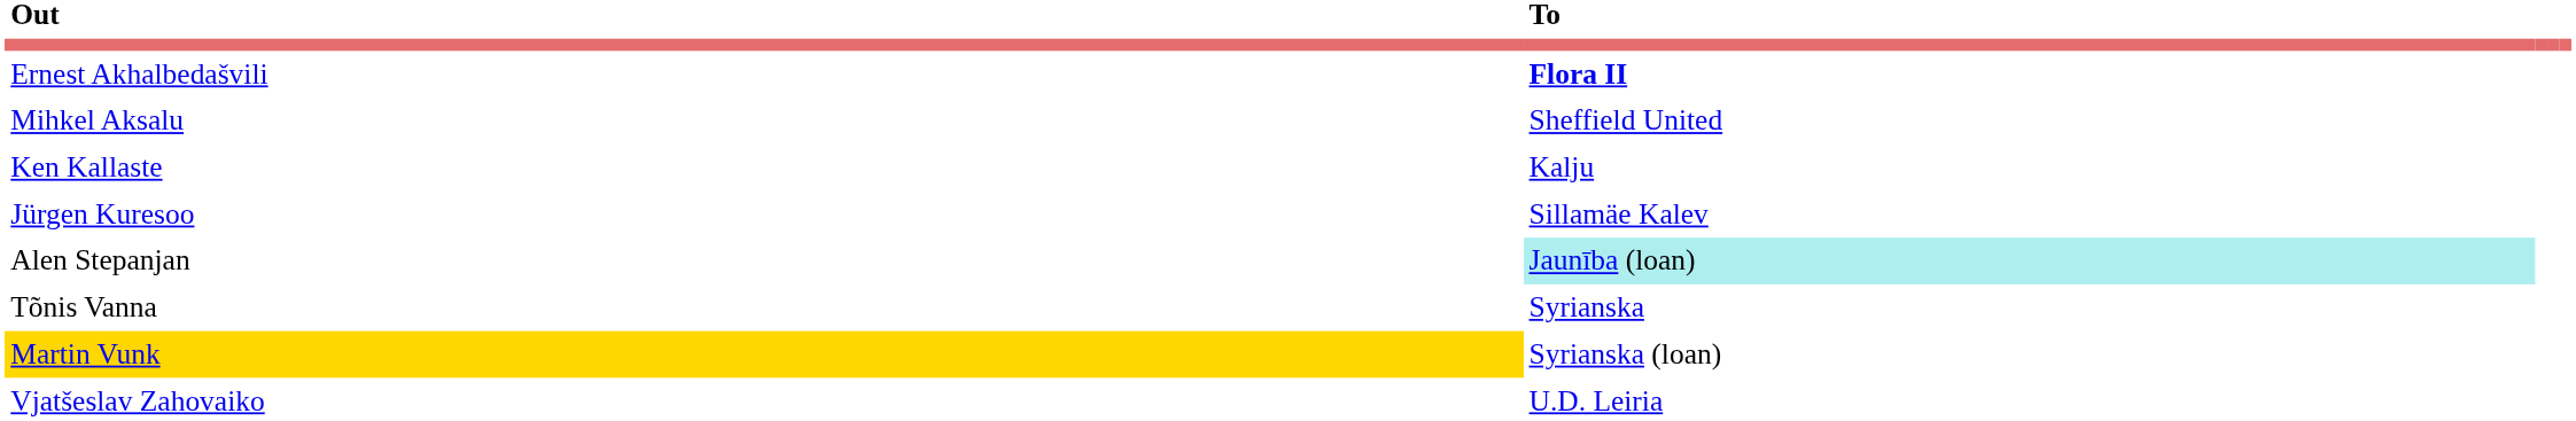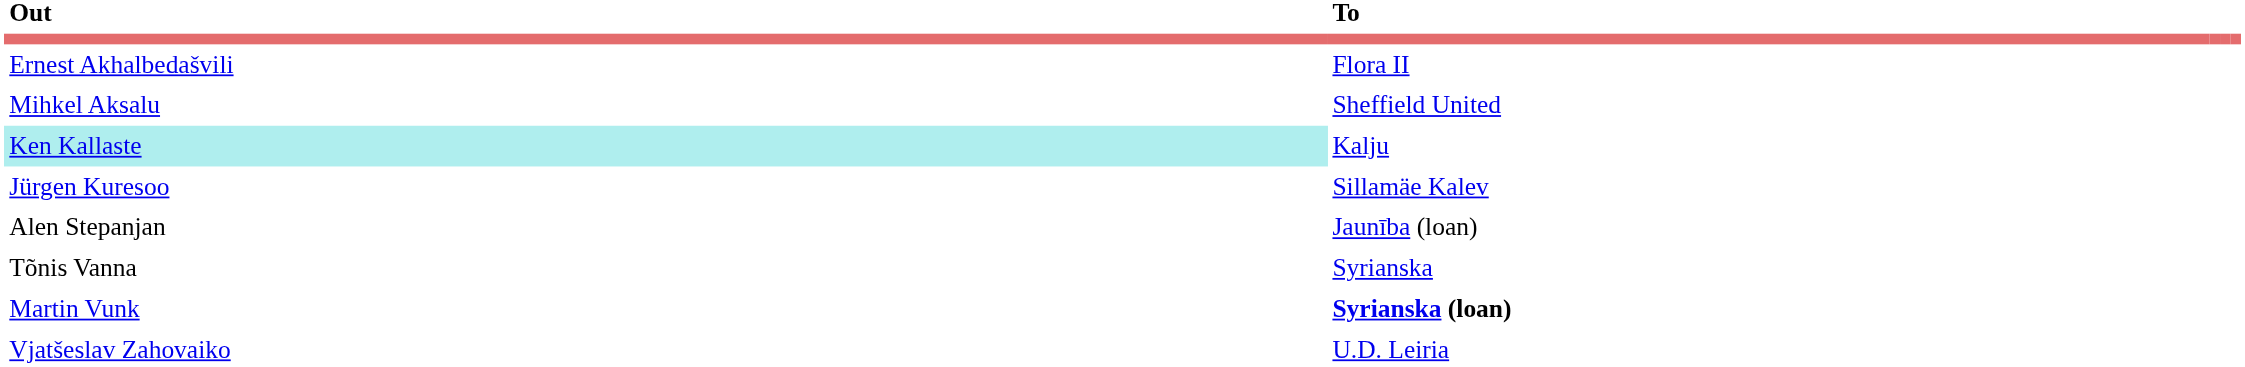 <table cellspacing="0" cellpadding="3" style="width:100%;font-size:90%">
 <tr>
 <td style="width:60%"><strong>Out</strong></td>
 <td style="width:40%"><strong>To</strong></td>
 <td></td>
 </tr>
 <tr style="background-color:#E46C6D;">
 <td></td>
 <td></td>
 <td></td>
 <td></td>
 <td></td>
 </tr>
 <tr>
 <td> <a href='#'>Ernest Akhalbedašvili</a></td>
-<td><strong> <a href='#'>Flora II</a></strong></td>
+<td> <a href='#'>Flora II</a></td>
 </tr>
 <tr>
 <td> <a href='#'>Mihkel Aksalu</a></td>
 <td> <a href='#'>Sheffield United</a></td>
 </tr>
 <tr>
-<td> <a href='#'>Ken Kallaste</a></td>
+<td style="background: paleturquoise;"> <a href='#'>Ken Kallaste</a></td>
 <td> <a href='#'>Kalju</a></td>
 </tr>
 <tr>
 <td> <a href='#'>Jürgen Kuresoo</a></td>
 <td> <a href='#'>Sillamäe Kalev</a></td>
 </tr>
 <tr>
 <td> Alen Stepanjan</td>
-<td style="background: paleturquoise;"> <a href='#'>Jaunība</a> (loan)</td>
+<td> <a href='#'>Jaunība</a> (loan)</td>
 </tr>
 <tr>
 </tr>
 <tr>
 <td> Tõnis Vanna</td>
 <td> <a href='#'>Syrianska</a></td>
 </tr>
 <tr>
-<td style="background: gold;"> <a href='#'>Martin Vunk</a></td>
-<td> <a href='#'>Syrianska</a> (loan)</td>
+<td> <a href='#'>Martin Vunk</a></td>
+<td><strong> <a href='#'>Syrianska</a> (loan)</strong></td>
 </tr>
 <tr>
 <td> <a href='#'>Vjatšeslav Zahovaiko</a></td>
 <td> <a href='#'>U.D. Leiria</a></td>
 </tr>
 </table>
